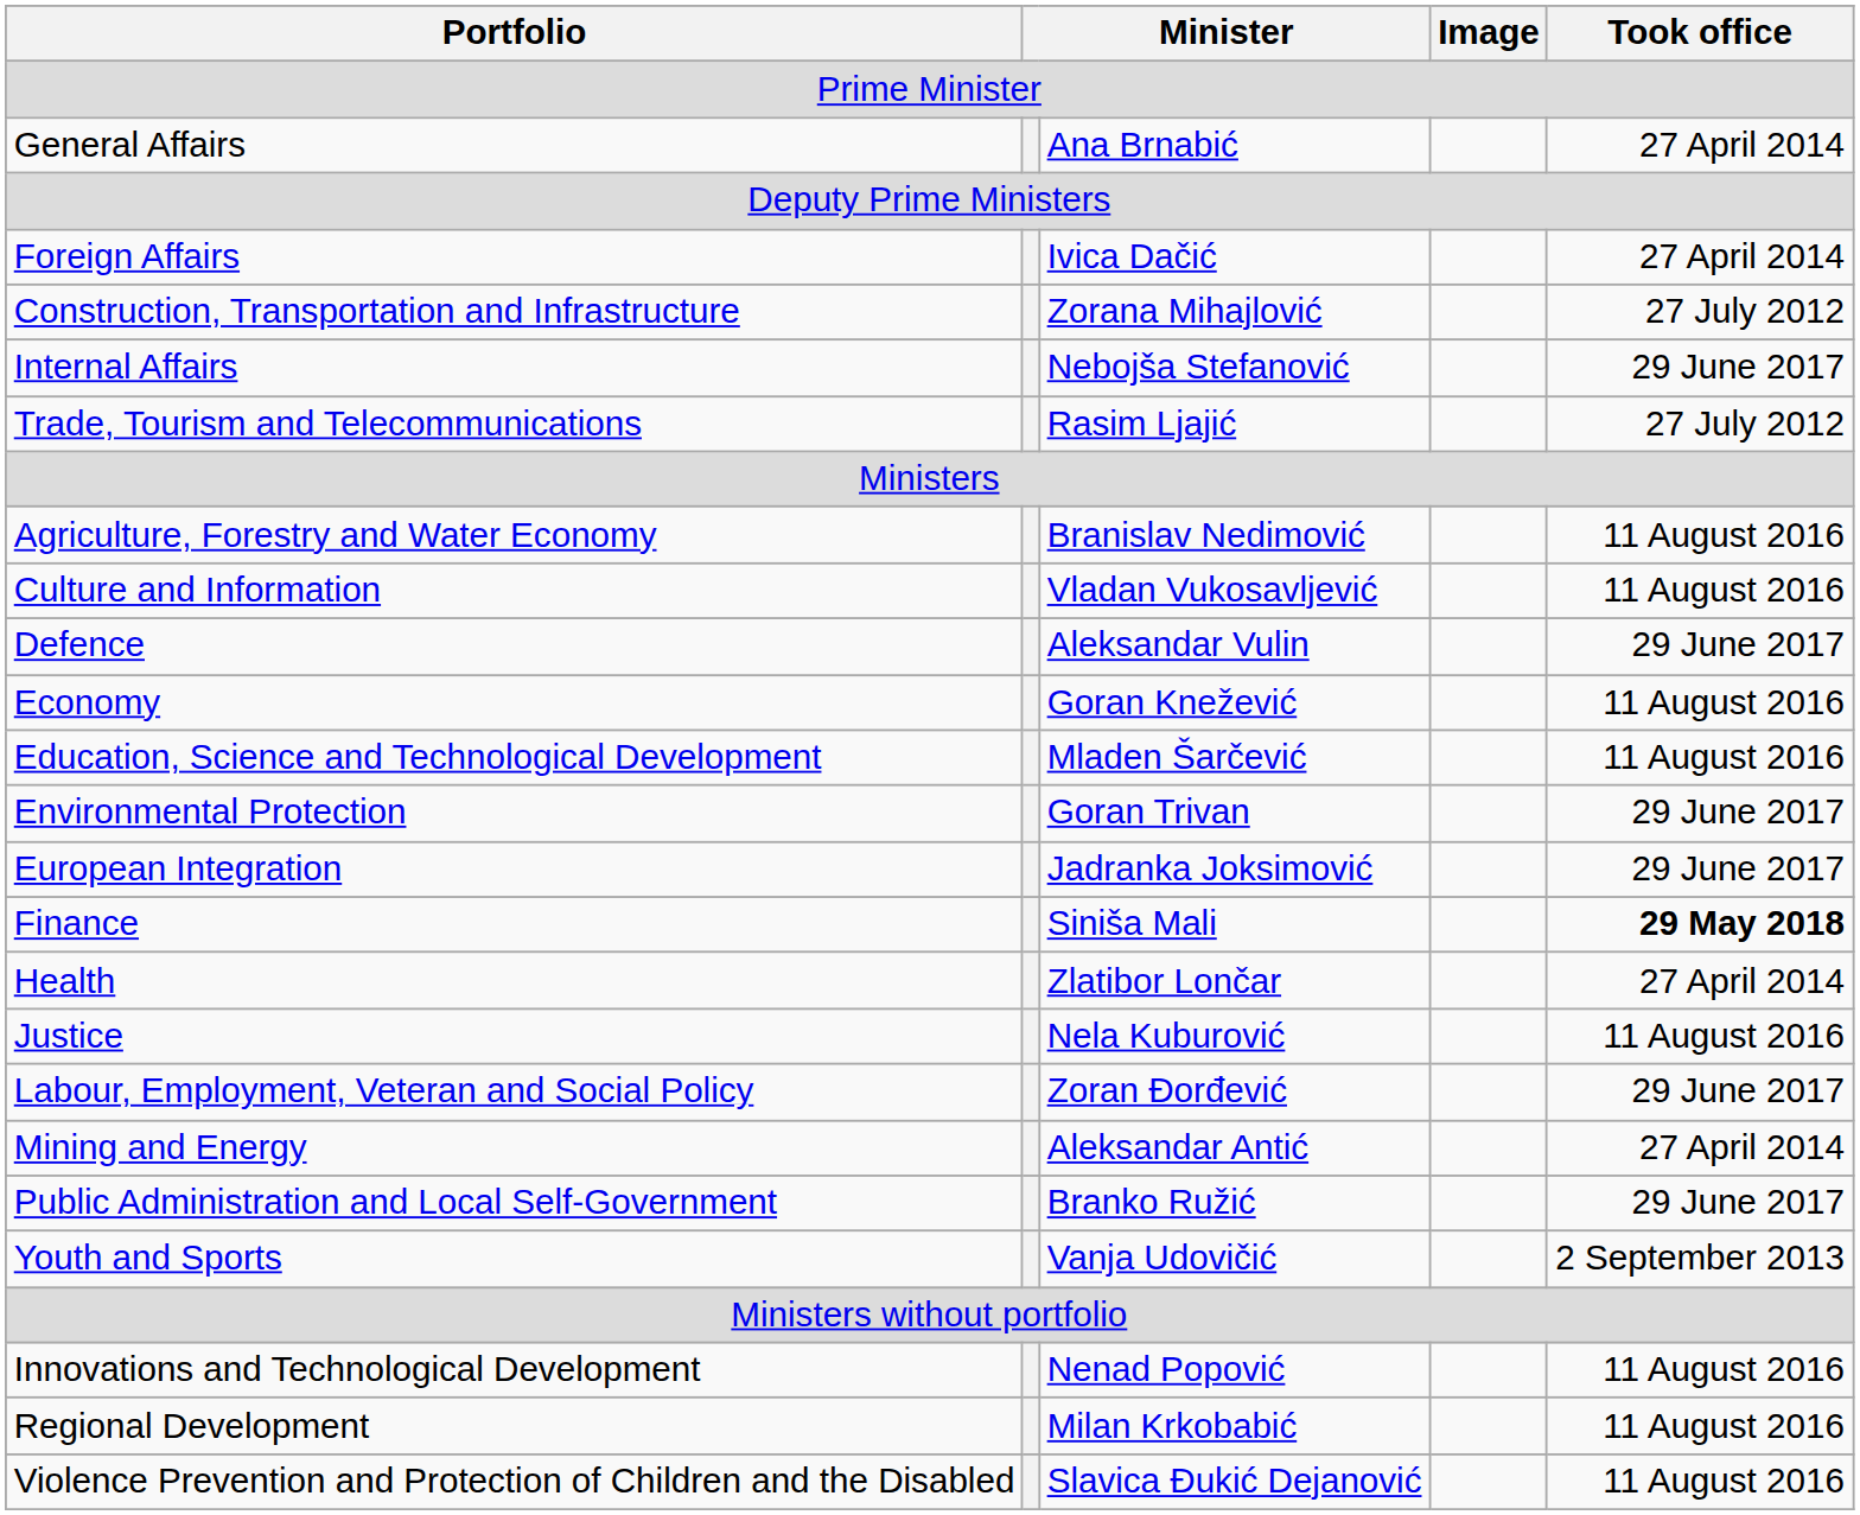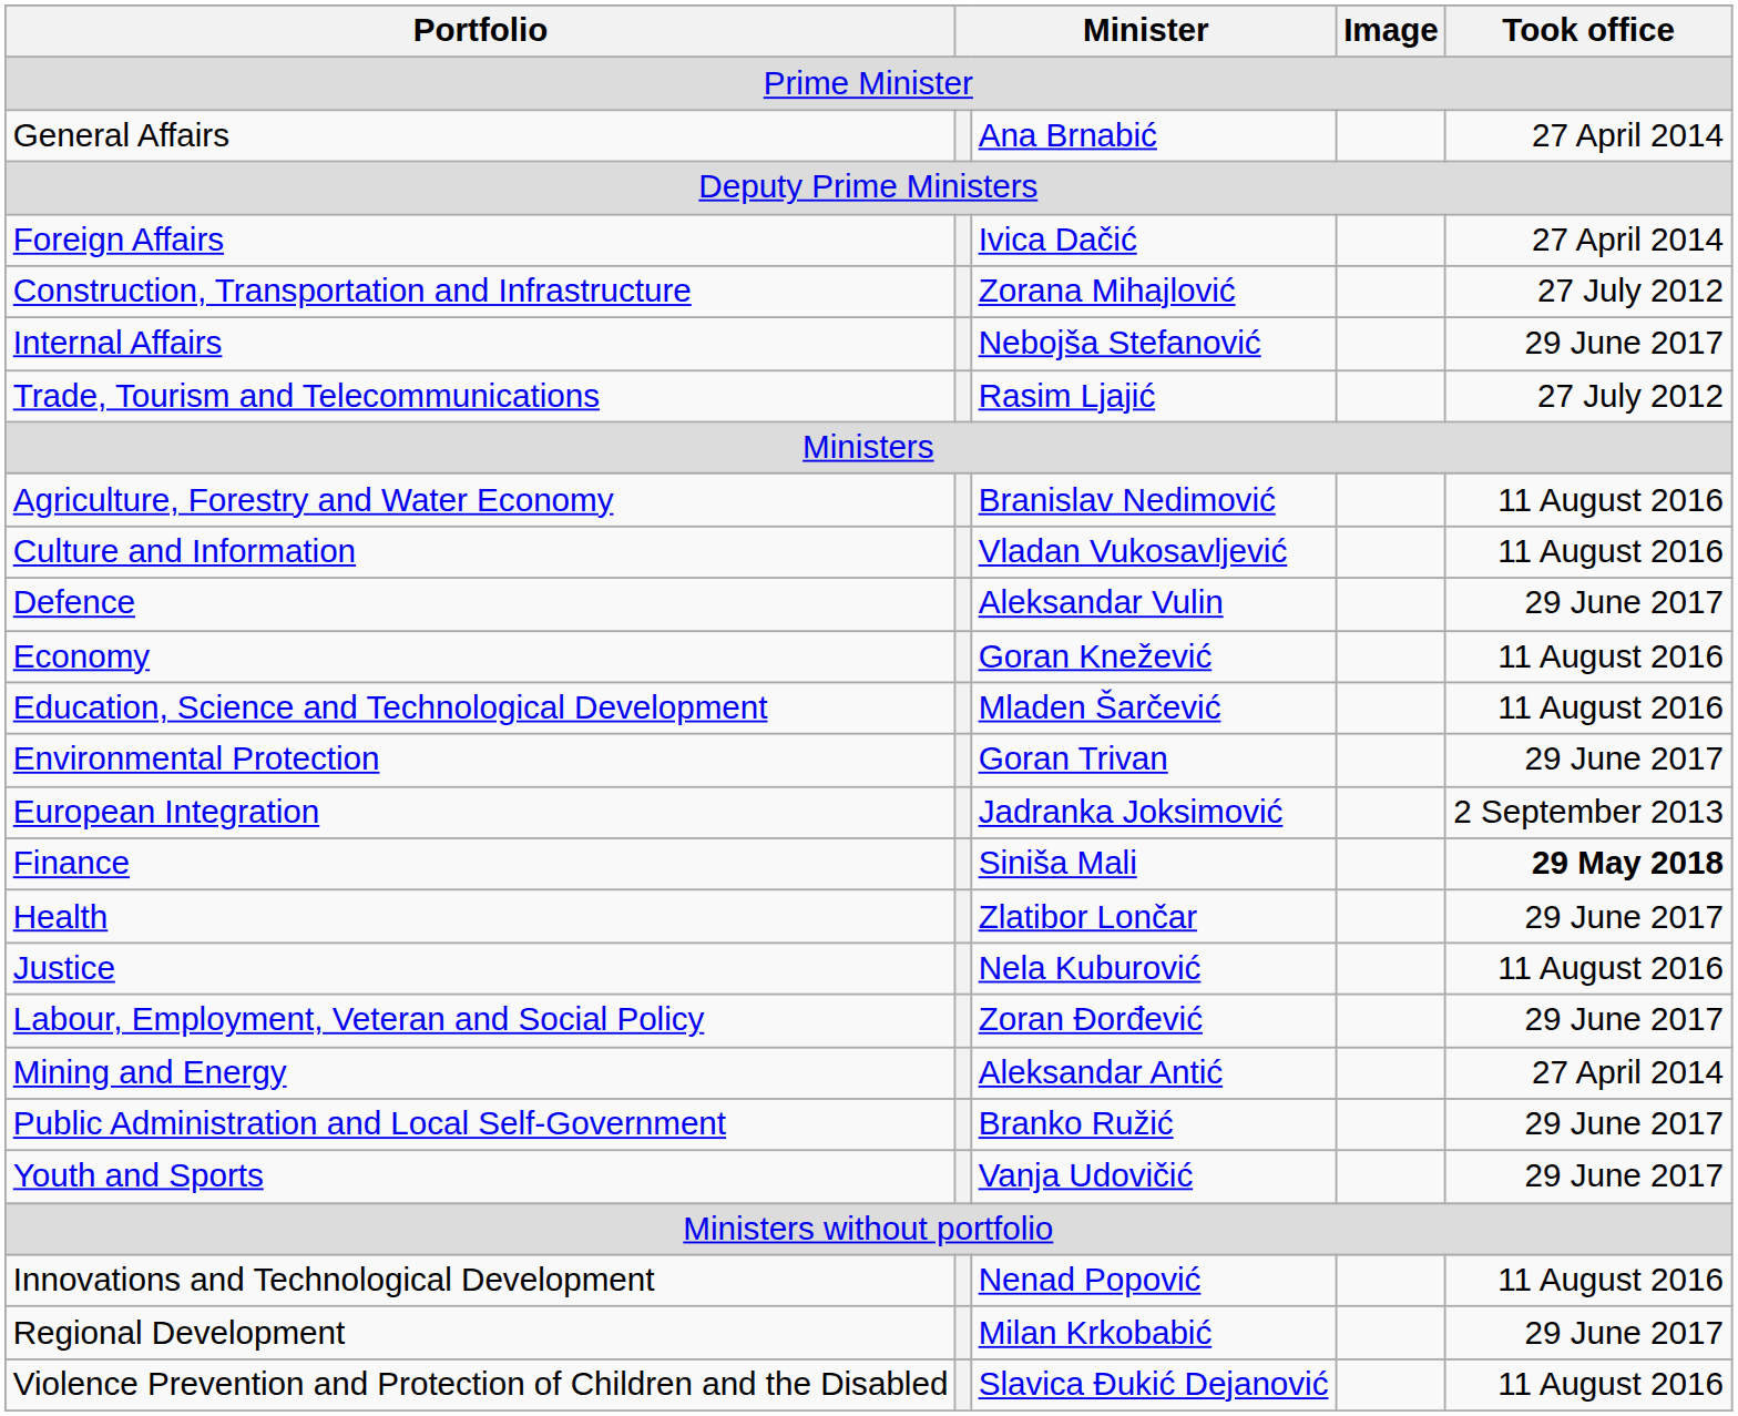 <table class="wikitable">
 <tr>
 <th scope="col">Portfolio</th>
 <th scope="col" colspan="2">Minister</th>
 <th scope="col">Image</th>
 <th scope="col">Took office</th>
 </tr>
 <tr>
 <td colspan="5" style="text-align: center;background-color:#DCDCDC;"><a href='#'>Prime Minister</a></td>
 </tr>
 <tr>
 <td>General Affairs</td>
 <th style="background:"></th>
 <td><a href='#'>Ana Brnabić</a></td>
 <td></td>
 <td style="text-align:right;">27 April 2014</td>
 </tr>
 <tr>
 <td colspan="5" style="text-align: center;background-color:#DCDCDC;"><a href='#'>Deputy Prime Ministers</a></td>
 </tr>
 <tr>
 <td><a href='#'>Foreign Affairs</a></td>
 <th style="background:"></th>
 <td><a href='#'>Ivica Dačić</a></td>
 <td></td>
 <td style="text-align:right;">27 April 2014</td>
 </tr>
 <tr>
 <td><a href='#'>Construction, Transportation and Infrastructure</a></td>
 <th style="background:"></th>
 <td><a href='#'>Zorana Mihajlović</a></td>
 <td></td>
 <td style="text-align:right;">27 July 2012</td>
 </tr>
 <tr>
 <td><a href='#'>Internal Affairs</a></td>
 <th style="background:"></th>
 <td><a href='#'>Nebojša Stefanović</a></td>
 <td></td>
 <td style="text-align:right;">29 June 2017</td>
 </tr>
 <tr>
 <td><a href='#'>Trade, Tourism and Telecommunications</a></td>
 <th style="background:"></th>
 <td><a href='#'>Rasim Ljajić</a></td>
 <td></td>
 <td style="text-align:right;">27 July 2012</td>
 </tr>
 <tr>
 <td colspan="5" style="text-align: center;background-color:#DCDCDC;"><a href='#'>Ministers</a></td>
 </tr>
 <tr>
 <td><a href='#'>Agriculture, Forestry and Water Economy</a></td>
 <th style="background:"></th>
 <td><a href='#'>Branislav Nedimović</a></td>
 <td></td>
 <td style="text-align:right;">11 August 2016</td>
 </tr>
 <tr>
 <td><a href='#'>Culture and Information</a></td>
 <th style="background:"></th>
 <td><a href='#'>Vladan Vukosavljević</a></td>
 <td></td>
 <td style="text-align:right;">11 August 2016</td>
 </tr>
 <tr>
 <td><a href='#'>Defence</a></td>
 <th style="background:"></th>
 <td><a href='#'>Aleksandar Vulin</a></td>
 <td></td>
 <td style="text-align:right;">29 June 2017</td>
 </tr>
 <tr>
 <td><a href='#'>Economy</a></td>
 <th style="background:"></th>
 <td><a href='#'>Goran Knežević</a></td>
 <td></td>
 <td style="text-align:right;">11 August 2016</td>
 </tr>
 <tr>
 <td><a href='#'>Education, Science and Technological Development</a></td>
 <th style="background:"></th>
 <td><a href='#'>Mladen Šarčević</a></td>
 <td></td>
 <td style="text-align:right;">11 August 2016</td>
 </tr>
 <tr>
 <td><a href='#'>Environmental Protection</a></td>
 <th style="background:"></th>
 <td><a href='#'>Goran Trivan</a></td>
 <td></td>
 <td style="text-align:right;">29 June 2017</td>
 </tr>
 <tr>
 <td><a href='#'>European Integration</a></td>
 <th style="background:"></th>
 <td><a href='#'>Jadranka Joksimović</a></td>
 <td></td>
-<td style="text-align:right;">29 June 2017</td>
+<td style="text-align:right;">2 September 2013</td>
 </tr>
 <tr>
 <td><a href='#'>Finance</a></td>
 <th style="background:"></th>
 <td><a href='#'>Siniša Mali</a></td>
 <td></td>
 <td style="text-align:right;"><strong>29 May 2018</strong></td>
 </tr>
 <tr>
 <td><a href='#'>Health</a></td>
 <th style="background:"></th>
 <td><a href='#'>Zlatibor Lončar</a></td>
 <td></td>
-<td style="text-align:right;">27 April 2014</td>
+<td style="text-align:right;">29 June 2017</td>
 </tr>
 <tr>
 <td><a href='#'>Justice</a></td>
 <th style="background:"></th>
 <td><a href='#'>Nela Kuburović</a></td>
 <td></td>
 <td style="text-align:right;">11 August 2016</td>
 </tr>
 <tr>
 <td><a href='#'>Labour, Employment, Veteran and Social Policy</a></td>
 <th style="background:"></th>
 <td><a href='#'>Zoran Đorđević</a></td>
 <td></td>
 <td style="text-align:right;">29 June 2017</td>
 </tr>
 <tr>
 <td><a href='#'>Mining and Energy</a></td>
 <th style="background:"></th>
 <td><a href='#'>Aleksandar Antić</a></td>
 <td></td>
 <td style="text-align:right;">27 April 2014</td>
 </tr>
 <tr>
 <td><a href='#'>Public Administration and Local Self-Government</a></td>
 <th style="background:"></th>
 <td><a href='#'>Branko Ružić</a></td>
 <td></td>
 <td style="text-align:right;">29 June 2017</td>
 </tr>
 <tr>
 <td><a href='#'>Youth and Sports</a></td>
 <th style="background:"></th>
 <td><a href='#'>Vanja Udovičić</a></td>
 <td></td>
-<td style="text-align:right;">2 September 2013</td>
+<td style="text-align:right;">29 June 2017</td>
 </tr>
 <tr>
 <td colspan="5" style="text-align: center;background-color:#DCDCDC;"><a href='#'>Ministers without portfolio</a></td>
 </tr>
 <tr>
 <td>Innovations and Technological Development</td>
 <th style="background:"></th>
 <td><a href='#'>Nenad Popović</a></td>
 <td></td>
 <td style="text-align:right;">11 August 2016</td>
 </tr>
 <tr>
 <td>Regional Development</td>
 <th style="background:"></th>
 <td><a href='#'>Milan Krkobabić</a></td>
 <td></td>
-<td style="text-align:right;">11 August 2016</td>
+<td style="text-align:right;">29 June 2017</td>
 </tr>
 <tr>
 <td>Violence Prevention and Protection of Children and the Disabled</td>
 <th style="background:"></th>
 <td><a href='#'>Slavica Đukić Dejanović</a></td>
 <td></td>
 <td style="text-align:right;">11 August 2016</td>
 </tr>
 </table>
